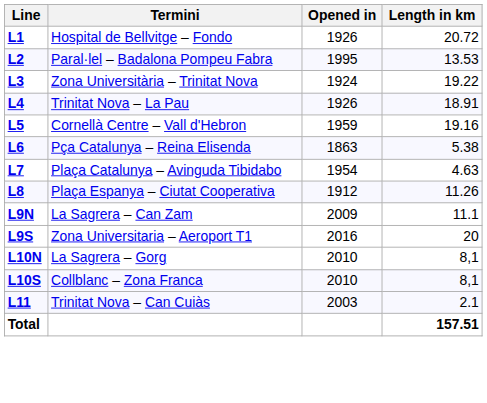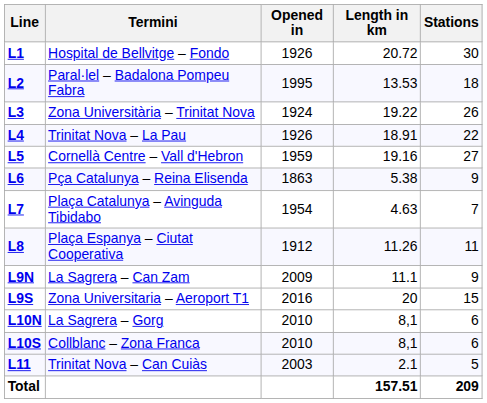 <table class="wikitable" style="width:550px">
 <tr bgcolor=#F8F8FF>
 <th>Line</th>
 <th>Termini</th>
 <th>Opened in</th>
 <th>Length in km</th>
+<th>Stations</th>
 </tr>
 <tr bgcolor="#FFFFFF">
 <td style="background-color: #"><strong><a href='#'><span>L1</span></a></strong></td>
 <td><a href='#'>Hospital de Bellvitge</a> – <a href='#'>Fondo</a></td>
 <td align="center">1926</td>
 <td align="right">20.72</td>
+<td align="right">30</td>
 </tr>
 <tr bgcolor="#F8F8FF">
 <td style="background-color: #"><strong><a href='#'><span>L2</span></a></strong></td>
 <td><a href='#'>Paral·lel</a> – <a href='#'>Badalona Pompeu Fabra</a></td>
 <td align="center">1995</td>
 <td align="right">13.53</td>
+<td align="right">18</td>
 </tr>
 <tr bgcolor="#FFFFFF">
 <td style="background-color: #"><strong><a href='#'><span>L3</span></a></strong></td>
 <td><a href='#'>Zona Universitària</a> – <a href='#'>Trinitat Nova</a></td>
 <td align="center">1924</td>
 <td align="right">19.22</td>
+<td align="right">26</td>
 </tr>
 <tr bgcolor="#F8F8FF">
 <td style="background-color: #"><strong><a href='#'><span>L4</span></a></strong></td>
 <td><a href='#'>Trinitat Nova</a> – <a href='#'>La Pau</a></td>
 <td align="center">1926</td>
 <td align="right">18.91</td>
+<td align="right">22</td>
 </tr>
 <tr bgcolor="#FFFFFF">
 <td style="background-color: #"><strong><a href='#'><span>L5</span></a></strong></td>
 <td><a href='#'>Cornellà Centre</a> – <a href='#'>Vall d'Hebron</a></td>
 <td align="center">1959</td>
 <td align="right">19.16</td>
+<td align="right">27</td>
 </tr>
 <tr bgcolor="#F8F8FF">
 <td style="background-color: #"><strong><a href='#'><span>L6</span></a></strong></td>
 <td><a href='#'>Pça Catalunya</a> – <a href='#'>Reina Elisenda</a></td>
 <td align="center">1863</td>
 <td align="right">5.38</td>
+<td align="right">9</td>
 </tr>
 <tr bgcolor="#FFFFFF">
 <td style="background-color: #"><strong><a href='#'><span>L7</span></a></strong></td>
 <td><a href='#'>Plaça Catalunya</a> – <a href='#'>Avinguda Tibidabo</a></td>
 <td align="center">1954</td>
 <td align="right">4.63</td>
+<td align="right">7</td>
 </tr>
 <tr bgcolor="#F8F8FF">
 <td style="background-color: #"><strong><a href='#'><span>L8</span></a></strong></td>
 <td><a href='#'>Plaça Espanya</a> – <a href='#'>Ciutat Cooperativa</a></td>
 <td align="center">1912</td>
 <td align="right">11.26</td>
+<td align="right">11</td>
 </tr>
 <tr bgcolor="#FFFFFF">
 <td style="background-color: #"><strong><a href='#'><span>L9N</span></a></strong></td>
 <td><a href='#'>La Sagrera</a> – <a href='#'>Can Zam</a></td>
 <td align="center">2009</td>
 <td align="right">11.1</td>
+<td align="right">9</td>
 </tr>
 <tr bgcolor="#FFFFFF">
 <td style="background-color: #"><strong><a href='#'><span>L9S</span></a></strong></td>
 <td><a href='#'>Zona Universitaria</a> – <a href='#'>Aeroport T1</a></td>
 <td align="center">2016</td>
 <td align="right">20</td>
+<td align="right">15</td>
 </tr>
 <tr bgcolor="#FFFFFF">
 <td style="background-color: #"><strong><a href='#'><span>L10N</span></a></strong></td>
 <td><a href='#'>La Sagrera</a> – <a href='#'>Gorg</a></td>
 <td align="center">2010</td>
 <td align="right">8,1</td>
+<td align="right">6</td>
 </tr>
 <tr bgcolor="#F8F8FF">
 <td style="background-color: #"><strong><a href='#'><span>L10S</span></a></strong></td>
 <td><a href='#'>Collblanc</a> – <a href='#'>Zona Franca</a></td>
 <td align="center">2010</td>
 <td align="right">8,1</td>
+<td align="right">6</td>
 </tr>
 <tr bgcolor="#F8F8FF">
 <td style="background-color:#"><strong><a href='#'><span>L11</span></a></strong></td>
 <td><a href='#'>Trinitat Nova</a> – <a href='#'>Can Cuiàs</a></td>
 <td align="center">2003</td>
 <td align="right">2.1</td>
+<td align="right">5</td>
 </tr>
 <tr bgcolor="#FFFFFF">
 <td style="color: black;"><strong>Total</strong></td>
 <td></td>
 <td></td>
 <td align="right"><strong>157.51</strong></td>
+<td align="right"><strong>209</strong></td>
 </tr>
 </table>
